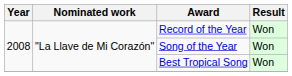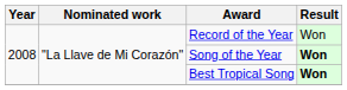 <table class="wikitable">
 <tr>
 <th>Year</th>
 <th>Nominated work</th>
 <th>Award</th>
 <th>Result</th>
 </tr>
 <tr>
 <td rowspan="3">2008</td>
 <td rowspan="3">"La Llave de Mi Corazón"</td>
 <td><a href='#'>Record of the Year</a></td>
 <td style="background: #ddffdd">Won</td>
 </tr>
 <tr>
 <td><a href='#'>Song of the Year</a></td>
-<td style="background: #ddffdd">Won</td>
+<td style="background: #ddffdd"><strong>Won</strong></td>
 </tr>
 <tr>
 <td><a href='#'>Best Tropical Song</a></td>
-<td style="background: #ddffdd">Won</td>
+<td style="background: #ddffdd"><strong>Won</strong></td>
 </tr>
 <tr>
 </tr>
 </table>
